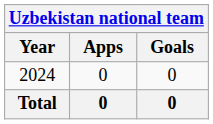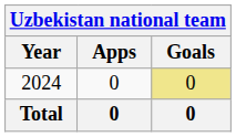 <table class="wikitable" style="text-align:center">
 <tr>
 <th colspan=3><a href='#'>Uzbekistan national team</a></th>
 </tr>
 <tr>
 <th>Year</th>
 <th>Apps</th>
 <th>Goals</th>
 </tr>
 <tr>
 <td>2024</td>
 <td>0</td>
-<td>0</td>
+<td style="background: khaki;">0</td>
 </tr>
 <tr>
 <th>Total</th>
 <th>0</th>
 <th>0</th>
 </tr>
 </table>
